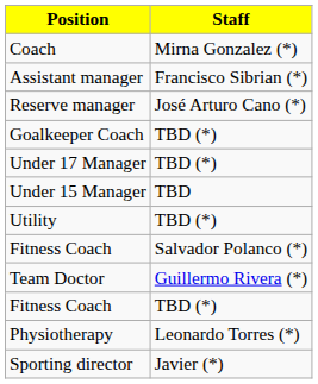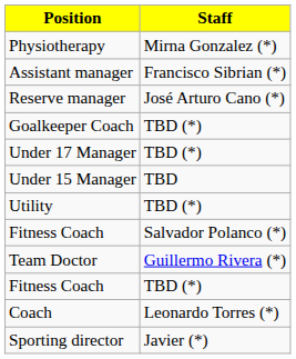 <table class="wikitable">
 <tr>
 <th style="color:Black; background:#FFFF00;;">Position</th>
 <th style="color:Black; background:#FFFF00;;">Staff</th>
 </tr>
 <tr>
-<td>Coach</td>
+<td>Physiotherapy</td>
 <td> Mirna Gonzalez (*)</td>
 </tr>
 <tr>
 <td>Assistant manager</td>
 <td> Francisco Sibrian (*)</td>
 </tr>
 <tr>
 <td>Reserve manager</td>
 <td> José Arturo Cano  (*)</td>
 </tr>
 <tr>
 <td>Goalkeeper Coach</td>
 <td> TBD (*)</td>
 </tr>
 <tr>
 <td>Under 17 Manager</td>
 <td> TBD (*)</td>
 </tr>
 <tr>
 <td>Under 15 Manager</td>
 <td> TBD</td>
 </tr>
 <tr>
 <td>Utility</td>
 <td> TBD (*)</td>
 </tr>
 <tr>
 <td>Fitness Coach</td>
 <td> Salvador Polanco (*)</td>
 </tr>
 <tr>
 <td>Team Doctor</td>
 <td> <a href='#'>Guillermo Rivera</a> (*)</td>
 </tr>
 <tr>
 <td>Fitness Coach</td>
 <td> TBD (*)</td>
 </tr>
 <tr>
-<td>Physiotherapy</td>
+<td>Coach</td>
 <td> Leonardo Torres (*)</td>
 </tr>
 <tr>
 <td>Sporting director</td>
 <td> Javier (*)</td>
 </tr>
 </table>
